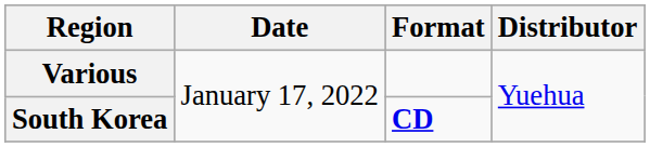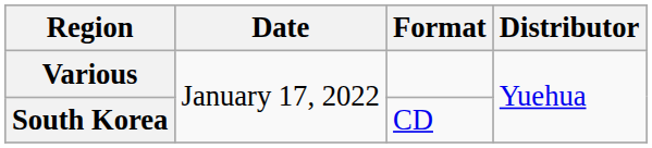 <table class="wikitable plainrowheaders">
 <tr>
 <th>Region</th>
 <th>Date</th>
 <th>Format</th>
 <th>Distributor</th>
 </tr>
 <tr>
 <th scope="row">Various</th>
 <td rowspan="2">January 17, 2022</td>
 <td></td>
 <td rowspan="2"><a href='#'>Yuehua</a></td>
 </tr>
 <tr>
 <th scope="row">South Korea</th>
-<td><strong><a href='#'>CD</a></strong></td>
+<td><a href='#'>CD</a></td>
 </tr>
 </table>
